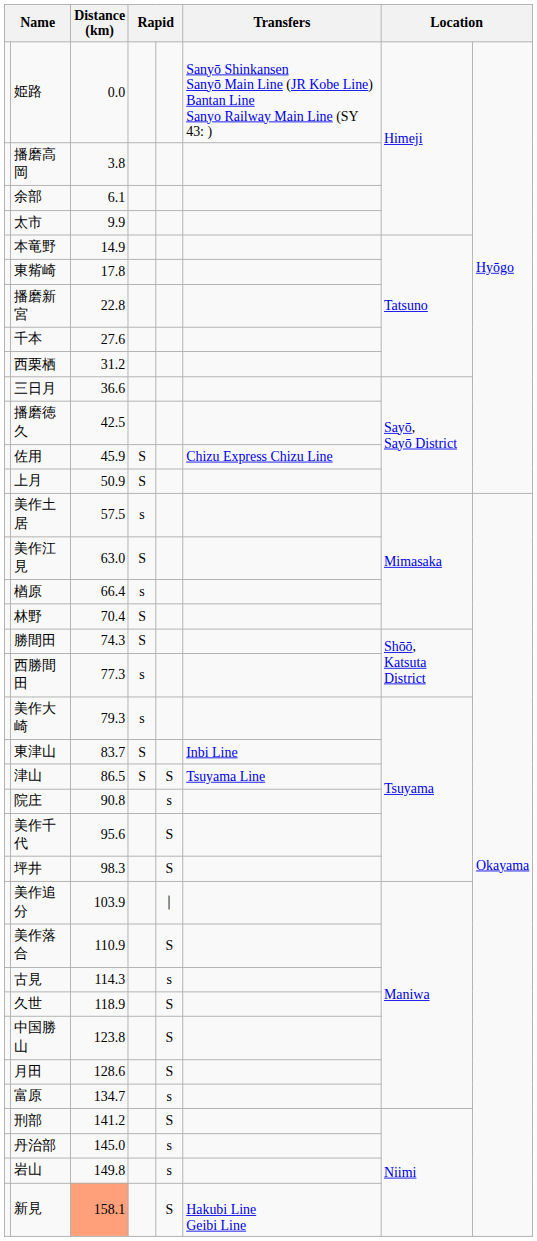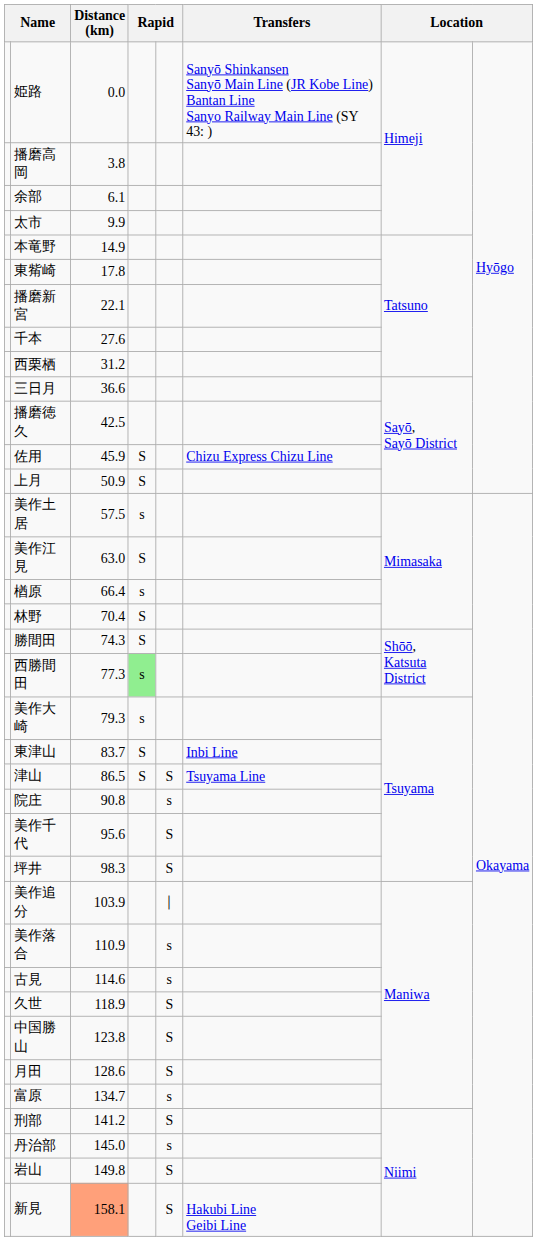 <table class="wikitable" rules="all">
 <tr>
 <th colspan="2">Name</th>
 <th style="width: 3em;">Distance (km)</th>
 <th colspan="2">Rapid</th>
 <th>Transfers</th>
 <th colspan="2">Location</th>
 </tr>
 <tr>
 <td></td>
 <td>姫路</td>
 <td style="text-align: right;">0.0</td>
 <td style="width: 1.5em; text-align: center;"> </td>
 <td style="width: 1.5em; text-align: center;"> </td>
 <td><br> <a href='#'>Sanyō Shinkansen</a><br>  <a href='#'>Sanyō Main Line</a> (<a href='#'>JR Kobe Line</a>)<br>  <a href='#'>Bantan Line</a><br>  <a href='#'>Sanyo Railway Main Line</a> (SY 43: )</td>
 <td rowspan="4"><a href='#'>Himeji</a></td>
 <td rowspan="13"><a href='#'>Hyōgo</a></td>
 </tr>
 <tr>
 <td></td>
 <td>播磨高岡</td>
 <td style="text-align: right;">3.8</td>
 <td style="text-align: center;"> </td>
 <td style="text-align: center;"> </td>
 <td> </td>
 </tr>
 <tr>
 <td></td>
 <td>余部</td>
 <td style="text-align: right;">6.1</td>
 <td style="text-align: center;"> </td>
 <td style="text-align: center;"> </td>
 <td> </td>
 </tr>
 <tr>
 <td></td>
 <td>太市</td>
 <td style="text-align: right;">9.9</td>
 <td style="text-align: center;"> </td>
 <td style="text-align: center;"> </td>
 <td> </td>
 </tr>
 <tr>
 <td></td>
 <td>本竜野</td>
 <td style="text-align: right;">14.9</td>
 <td style="text-align: center;"> </td>
 <td style="text-align: center;"> </td>
 <td> </td>
 <td rowspan="5"><a href='#'>Tatsuno</a></td>
 </tr>
 <tr>
 <td></td>
 <td>東觜崎</td>
 <td style="text-align: right;">17.8</td>
 <td style="text-align: center;"> </td>
 <td style="text-align: center;"> </td>
 <td> </td>
 </tr>
 <tr>
 <td></td>
 <td>播磨新宮</td>
-<td style="text-align: right;">22.8</td>
+<td style="text-align: right;">22.1</td>
 <td style="text-align: center;"> </td>
 <td style="text-align: center;"> </td>
 <td> </td>
 </tr>
 <tr>
 <td></td>
 <td>千本</td>
 <td style="text-align: right;">27.6</td>
 <td style="text-align: center;"> </td>
 <td style="text-align: center;"> </td>
 <td> </td>
 </tr>
 <tr>
 <td></td>
 <td>西栗栖</td>
 <td style="text-align: right;">31.2</td>
 <td style="text-align: center;"> </td>
 <td style="text-align: center;"> </td>
 <td> </td>
 </tr>
 <tr>
 <td></td>
 <td>三日月</td>
 <td style="text-align: right;">36.6</td>
 <td style="text-align: center;"> </td>
 <td style="text-align: center;"> </td>
 <td> </td>
 <td rowspan="4"><a href='#'>Sayō</a>,<br><a href='#'>Sayō District</a></td>
 </tr>
 <tr>
 <td></td>
 <td>播磨徳久</td>
 <td style="text-align: right;">42.5</td>
 <td style="text-align: center;"> </td>
 <td style="text-align: center;"> </td>
 <td> </td>
 </tr>
 <tr>
 <td></td>
 <td>佐用</td>
 <td style="text-align: right;">45.9</td>
 <td style="text-align: center;">S</td>
 <td style="text-align: center;"> </td>
 <td><a href='#'>Chizu Express Chizu Line</a></td>
 </tr>
 <tr>
 <td></td>
 <td>上月</td>
 <td style="text-align: right;">50.9</td>
 <td style="text-align: center;">S</td>
 <td style="text-align: center;"> </td>
 <td> </td>
 </tr>
 <tr>
 <td></td>
 <td>美作土居</td>
 <td style="text-align: right;">57.5</td>
 <td style="text-align: center;">s</td>
 <td style="text-align: center;"> </td>
 <td> </td>
 <td rowspan="4"><a href='#'>Mimasaka</a></td>
 <td rowspan="23"><a href='#'>Okayama</a></td>
 </tr>
 <tr>
 <td></td>
 <td>美作江見</td>
 <td style="text-align: right;">63.0</td>
 <td style="text-align: center;">S</td>
 <td style="text-align: center;"> </td>
 <td> </td>
 </tr>
 <tr>
 <td></td>
 <td>楢原</td>
 <td style="text-align: right;">66.4</td>
 <td style="text-align: center;">s</td>
 <td style="text-align: center;"> </td>
 <td> </td>
 </tr>
 <tr>
 <td></td>
 <td>林野</td>
 <td style="text-align: right;">70.4</td>
 <td style="text-align: center;">S</td>
 <td style="text-align: center;"> </td>
 <td> </td>
 </tr>
 <tr>
 <td></td>
 <td>勝間田</td>
 <td style="text-align: right;">74.3</td>
 <td style="text-align: center;">S</td>
 <td style="text-align: center;"> </td>
 <td> </td>
 <td rowspan="2"><a href='#'>Shōō</a>,<br><a href='#'>Katsuta District</a></td>
 </tr>
 <tr>
 <td></td>
 <td>西勝間田</td>
 <td style="text-align: right;">77.3</td>
-<td style="text-align: center;">s</td>
+<td style="background: lightgreen; text-align: center;">s</td>
 <td style="text-align: center;"> </td>
 <td> </td>
 </tr>
 <tr>
 <td></td>
 <td>美作大崎</td>
 <td style="text-align: right;">79.3</td>
 <td style="text-align: center;">s</td>
 <td style="text-align: center;"> </td>
 <td> </td>
 <td rowspan="6"><a href='#'>Tsuyama</a></td>
 </tr>
 <tr>
 <td></td>
 <td>東津山</td>
 <td style="text-align: right;">83.7</td>
 <td style="text-align: center;">S</td>
 <td style="text-align: center;"> </td>
 <td> <a href='#'>Inbi Line</a></td>
 </tr>
 <tr>
 <td></td>
 <td>津山</td>
 <td style="text-align: right;">86.5</td>
 <td style="text-align: center;">S</td>
 <td style="text-align: center;">S</td>
 <td> <a href='#'>Tsuyama Line</a></td>
 </tr>
 <tr>
 <td></td>
 <td>院庄</td>
 <td style="text-align: right;">90.8</td>
 <td style="text-align: center;"> </td>
 <td style="text-align: center;">s</td>
 <td> </td>
 </tr>
 <tr>
 <td></td>
 <td>美作千代</td>
 <td style="text-align: right;">95.6</td>
 <td style="text-align: center;"> </td>
 <td style="text-align: center;">S</td>
 <td> </td>
 </tr>
 <tr>
 <td></td>
 <td>坪井</td>
 <td style="text-align: right;">98.3</td>
 <td style="text-align: center;"> </td>
 <td style="text-align: center;">S</td>
 <td> </td>
 </tr>
 <tr>
 <td></td>
 <td>美作追分</td>
 <td style="text-align: right;">103.9</td>
 <td style="text-align: center;"> </td>
 <td style="text-align: center;">｜</td>
 <td> </td>
 <td rowspan="7"><a href='#'>Maniwa</a></td>
 </tr>
 <tr>
 <td></td>
 <td>美作落合</td>
 <td style="text-align: right;">110.9</td>
 <td style="text-align: center;"> </td>
-<td style="text-align: center;">S</td>
+<td style="text-align: center;">s</td>
 <td> </td>
 </tr>
 <tr>
 <td></td>
 <td>古見</td>
-<td style="text-align: right;">114.3</td>
+<td style="text-align: right;">114.6</td>
 <td style="text-align: center;"> </td>
 <td style="text-align: center;">s</td>
 <td> </td>
 </tr>
 <tr>
 <td></td>
 <td>久世</td>
 <td style="text-align: right;">118.9</td>
 <td style="text-align: center;"> </td>
 <td style="text-align: center;">S</td>
 <td> </td>
 </tr>
 <tr>
 <td></td>
 <td>中国勝山</td>
 <td style="text-align: right;">123.8</td>
 <td style="text-align: center;"> </td>
 <td style="text-align: center;">S</td>
 <td> </td>
 </tr>
 <tr>
 <td></td>
 <td>月田</td>
 <td style="text-align: right;">128.6</td>
 <td style="text-align: center;"> </td>
 <td style="text-align: center;">S</td>
 <td> </td>
 </tr>
 <tr>
 <td></td>
 <td>富原</td>
 <td style="text-align: right;">134.7</td>
 <td style="text-align: center;"> </td>
 <td style="text-align: center;">s</td>
 <td> </td>
 </tr>
 <tr>
 <td></td>
 <td>刑部</td>
 <td style="text-align: right;">141.2</td>
 <td style="text-align: center;"> </td>
 <td style="text-align: center;">S</td>
 <td> </td>
 <td rowspan="4"><a href='#'>Niimi</a></td>
 </tr>
 <tr>
 <td></td>
 <td>丹治部</td>
 <td style="text-align: right;">145.0</td>
 <td style="text-align: center;"> </td>
 <td style="text-align: center;">s</td>
 <td> </td>
 </tr>
 <tr>
 <td></td>
 <td>岩山</td>
 <td style="text-align: right;">149.8</td>
 <td style="text-align: center;"> </td>
-<td style="text-align: center;">s</td>
+<td style="text-align: center;">S</td>
 <td> </td>
 </tr>
 <tr>
 <td></td>
 <td>新見</td>
 <td style="background: lightsalmon; text-align: right;">158.1</td>
 <td style="text-align: center;"> </td>
 <td style="text-align: center;">S</td>
 <td><br> <a href='#'>Hakubi Line</a><br>  <a href='#'>Geibi Line</a></td>
 </tr>
 </table>
